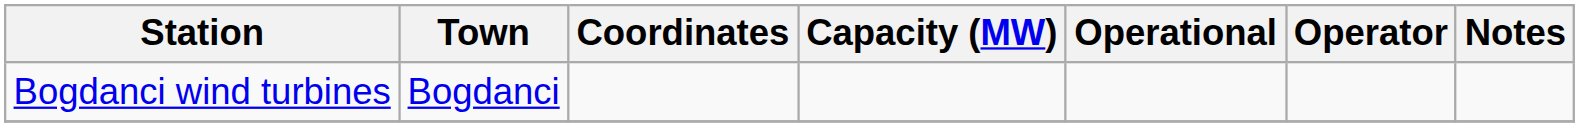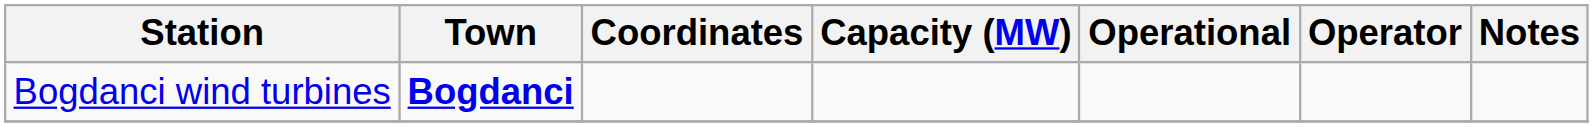 <table class="wikitable sortable">
 <tr>
 <th>Station</th>
 <th>Town</th>
 <th>Coordinates</th>
 <th>Capacity (<a href='#'>MW</a>)</th>
 <th>Operational</th>
 <th>Operator</th>
 <th>Notes</th>
 </tr>
 <tr>
 <td><a href='#'>Bogdanci wind turbines</a></td>
-<td><a href='#'>Bogdanci</a></td>
+<td><strong><a href='#'>Bogdanci</a></strong></td>
 <td></td>
 <td></td>
 <td></td>
 <td></td>
 <td></td>
 </tr>
 <tr>
 </tr>
 </table>
